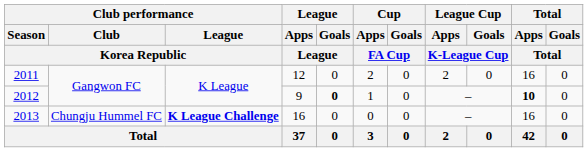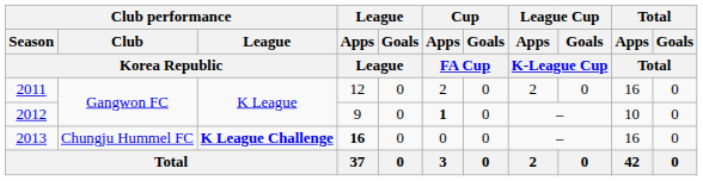 <table class="wikitable" style="text-align:center;">
 <tr>
 <th colspan=3>Club performance</th>
 <th colspan=2>League</th>
 <th colspan=2>Cup</th>
 <th colspan=2>League Cup</th>
 <th colspan=2>Total</th>
 </tr>
 <tr>
 <th>Season</th>
 <th>Club</th>
 <th>League</th>
 <th>Apps</th>
 <th>Goals</th>
 <th>Apps</th>
 <th>Goals</th>
 <th>Apps</th>
 <th>Goals</th>
 <th>Apps</th>
 <th>Goals</th>
 </tr>
 <tr>
 <th colspan=3>Korea Republic</th>
 <th colspan=2>League</th>
 <th colspan=2><a href='#'>FA Cup</a></th>
 <th colspan=2><a href='#'>K-League Cup</a></th>
 <th colspan=2>Total</th>
 </tr>
 <tr>
 <td><a href='#'>2011</a></td>
 <td rowspan="2"><a href='#'>Gangwon FC</a></td>
 <td rowspan="2"><a href='#'>K League</a></td>
 <td>12</td>
 <td>0</td>
 <td>2</td>
 <td>0</td>
 <td>2</td>
 <td>0</td>
 <td>16</td>
 <td>0</td>
 </tr>
 <tr>
 <td><a href='#'>2012</a></td>
 <td>9</td>
-<td><strong>0</strong></td>
-<td>1</td>
+<td>0</td>
+<td><strong>1</strong></td>
 <td>0</td>
 <td colspan=2>–</td>
-<td><strong>10</strong></td>
+<td>10</td>
 <td>0</td>
 </tr>
 <tr>
 <td><a href='#'>2013</a></td>
 <td rowspan="1"><a href='#'>Chungju Hummel FC</a></td>
 <td rowspan="1"><strong><a href='#'>K League Challenge</a></strong></td>
-<td>16</td>
+<td><strong>16</strong></td>
 <td>0</td>
 <td>0</td>
 <td>0</td>
 <td colspan="2">–</td>
 <td>16</td>
 <td>0</td>
 </tr>
 <tr>
 <th colspan=3>Total</th>
 <th>37</th>
 <th>0</th>
 <th>3</th>
 <th>0</th>
 <th>2</th>
 <th>0</th>
 <th>42</th>
 <th>0</th>
 </tr>
 </table>
